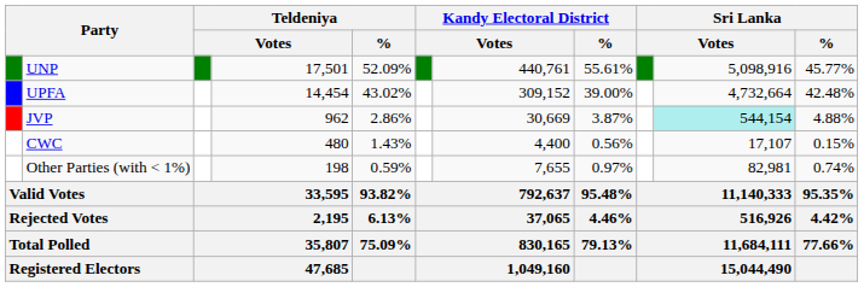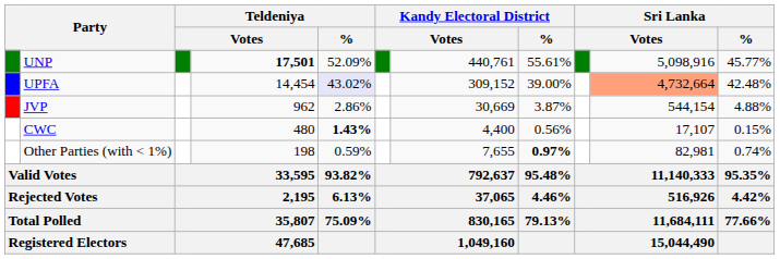 <table class="wikitable">
 <tr>
 <th colspan="2" width="144px"rowspan="2">Party</th>
 <th colspan="3" width="216px">Teldeniya</th>
 <th colspan="3" width="216px"><a href='#'>Kandy Electoral District</a></th>
 <th colspan="3" width="216px">Sri Lanka</th>
 </tr>
 <tr>
 <th colspan="2" width="144px">Votes</th>
 <th>%</th>
 <th colspan="2" width="144px">Votes</th>
 <th>%</th>
 <th colspan="2" width="144px">Votes</th>
 <th>%</th>
 </tr>
 <tr>
 <td style="background-color:green;" width="10px"></td>
 <td style="text-align:left;"><a href='#'>UNP</a></td>
 <td style="background-color:green;" width="10px"></td>
-<td style="text-align:right;">17,501</td>
+<td style="text-align:right;"><strong>17,501</strong></td>
 <td style="text-align:right;">52.09%</td>
 <td style="background-color:green;" width="10px"></td>
 <td style="text-align:right;">440,761</td>
 <td style="text-align:right;">55.61%</td>
 <td style="background-color:green;" width="10px"></td>
 <td style="text-align:right;">5,098,916</td>
 <td style="text-align:right;">45.77%</td>
 </tr>
 <tr>
 <td style="background-color:blue;" width="10px"></td>
 <td style="text-align:left;"><a href='#'>UPFA</a></td>
 <td style="background-color:white;" width="10px"></td>
 <td style="text-align:right;">14,454</td>
-<td style="text-align:right;">43.02%</td>
+<td style="background: lavender; text-align:right;">43.02%</td>
 <td style="background-color:white;" width="10px"></td>
 <td style="text-align:right;">309,152</td>
 <td style="text-align:right;">39.00%</td>
 <td style="background-color:white;" width="10px"></td>
-<td style="text-align:right;">4,732,664</td>
+<td style="background: lightsalmon; text-align:right;">4,732,664</td>
 <td style="text-align:right;">42.48%</td>
 </tr>
 <tr>
 <td style="background-color:red;" width="10px"></td>
 <td style="text-align:left;"><a href='#'>JVP</a></td>
 <td style="background-color:white;" width="10px"></td>
 <td style="text-align:right;">962</td>
 <td style="text-align:right;">2.86%</td>
 <td style="background-color:white;" width="10px"></td>
 <td style="text-align:right;">30,669</td>
 <td style="text-align:right;">3.87%</td>
 <td style="background-color:white;" width="10px"></td>
-<td style="background: paleturquoise; text-align:right;">544,154</td>
+<td style="text-align:right;">544,154</td>
 <td style="text-align:right;">4.88%</td>
 </tr>
 <tr>
 <td style="background-color:white;" width="10px"></td>
 <td style="text-align:left;"><a href='#'>CWC</a></td>
 <td style="background-color:white;" width="10px"></td>
 <td style="text-align:right;">480</td>
-<td style="text-align:right;">1.43%</td>
+<td style="text-align:right;"><strong>1.43%</strong></td>
 <td style="background-color:white;" width="10px"></td>
 <td style="text-align:right;">4,400</td>
 <td style="text-align:right;">0.56%</td>
 <td style="background-color:white;" width="10px"></td>
 <td style="text-align:right;">17,107</td>
 <td style="text-align:right;">0.15%</td>
 </tr>
 <tr>
 <td style="background-color:white;" width="10px"></td>
 <td style="text-align:left;">Other Parties (with < 1%)</td>
 <td style="background-color:white;" width="10px"></td>
 <td style="text-align:right;">198</td>
 <td style="text-align:right;">0.59%</td>
 <td style="background-color:white;" width="10px"></td>
 <td style="text-align:right;">7,655</td>
-<td style="text-align:right;">0.97%</td>
+<td style="text-align:right;"><strong>0.97%</strong></td>
 <td style="background-color:white;" width="10px"></td>
 <td style="text-align:right;">82,981</td>
 <td style="text-align:right;">0.74%</td>
 </tr>
 <tr>
 <th colspan="2" width="144px"style="text-align:left;">Valid Votes</th>
 <th style="text-align:right;"colspan="2" width="144px">33,595</th>
 <th style="text-align:right;">93.82%</th>
 <th style="text-align:right;"colspan="2" width="144px">792,637</th>
 <th style="text-align:right;">95.48%</th>
 <th style="text-align:right;"colspan="2" width="144px">11,140,333</th>
 <th style="text-align:right;">95.35%</th>
 </tr>
 <tr>
 <th colspan="2" width="144px"style="text-align:left;">Rejected Votes</th>
 <th style="text-align:right;"colspan="2" width="144px">2,195</th>
 <th style="text-align:right;">6.13%</th>
 <th style="text-align:right;"colspan="2" width="144px">37,065</th>
 <th style="text-align:right;">4.46%</th>
 <th style="text-align:right;"colspan="2" width="144px">516,926</th>
 <th style="text-align:right;">4.42%</th>
 </tr>
 <tr>
 <th colspan="2" width="144px"style="text-align:left;">Total Polled</th>
 <th style="text-align:right;"colspan="2" width="144px">35,807</th>
 <th style="text-align:right;">75.09%</th>
 <th style="text-align:right;"colspan="2" width="144px">830,165</th>
 <th style="text-align:right;">79.13%</th>
 <th style="text-align:right;"colspan="2" width="144px">11,684,111</th>
 <th style="text-align:right;">77.66%</th>
 </tr>
 <tr>
 <th colspan="2" width="144px"style="text-align:left;">Registered Electors</th>
 <th style="text-align:right;"colspan="2" width="144px">47,685</th>
 <th></th>
 <th style="text-align:right;"colspan="2" width="144px">1,049,160</th>
 <th></th>
 <th style="text-align:right;"colspan="2" width="144px">15,044,490</th>
 <th></th>
 </tr>
 </table>
